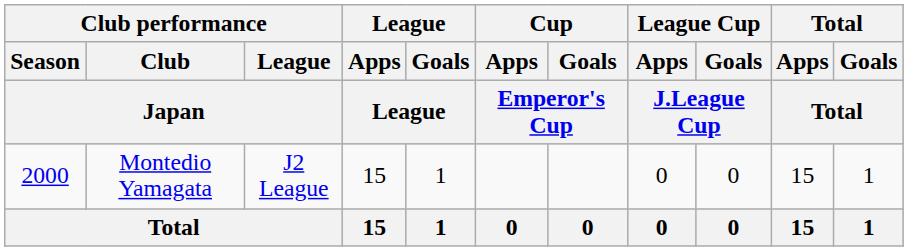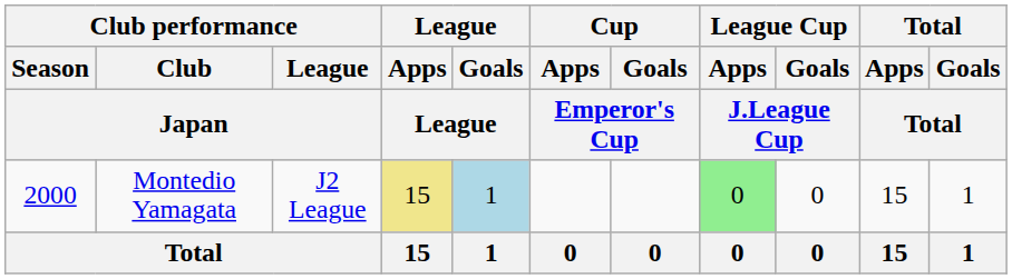 <table class="wikitable" style="text-align:center;">
 <tr>
 <th colspan=3>Club performance</th>
 <th colspan=2>League</th>
 <th colspan=2>Cup</th>
 <th colspan=2>League Cup</th>
 <th colspan=2>Total</th>
 </tr>
 <tr>
 <th>Season</th>
 <th>Club</th>
 <th>League</th>
 <th>Apps</th>
 <th>Goals</th>
 <th>Apps</th>
 <th>Goals</th>
 <th>Apps</th>
 <th>Goals</th>
 <th>Apps</th>
 <th>Goals</th>
 </tr>
 <tr>
 <th colspan=3>Japan</th>
 <th colspan=2>League</th>
 <th colspan=2><a href='#'>Emperor's Cup</a></th>
 <th colspan=2><a href='#'>J.League Cup</a></th>
 <th colspan=2>Total</th>
 </tr>
 <tr>
 <td><a href='#'>2000</a></td>
 <td><a href='#'>Montedio Yamagata</a></td>
 <td><a href='#'>J2 League</a></td>
-<td>15</td>
-<td>1</td>
+<td style="background: khaki;">15</td>
+<td style="background: lightblue;">1</td>
 <td></td>
 <td></td>
-<td>0</td>
+<td style="background: lightgreen;">0</td>
 <td>0</td>
 <td>15</td>
 <td>1</td>
 </tr>
 <tr>
 <th colspan=3>Total</th>
 <th>15</th>
 <th>1</th>
 <th>0</th>
 <th>0</th>
 <th>0</th>
 <th>0</th>
 <th>15</th>
 <th>1</th>
 </tr>
 </table>
